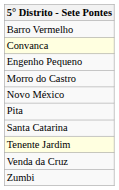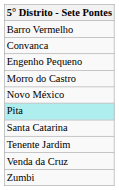 <table class="wikitable">
 <tr>
 <th>5° Distrito - Sete Pontes</th>
 </tr>
 <tr>
 <td>Barro Vermelho</td>
 </tr>
 <tr>
-<td style="background: lightyellow;">Convanca</td>
+<td>Convanca</td>
 </tr>
 <tr>
 <td>Engenho Pequeno</td>
 </tr>
 <tr>
 <td>Morro do Castro</td>
 </tr>
 <tr>
 <td>Novo México</td>
 </tr>
 <tr>
-<td>Pita</td>
+<td style="background: paleturquoise;">Pita</td>
 </tr>
 <tr>
 <td>Santa Catarina</td>
 </tr>
 <tr>
-<td style="background: lightyellow;">Tenente Jardim</td>
+<td>Tenente Jardim</td>
 </tr>
 <tr>
 <td>Venda da Cruz</td>
 </tr>
 <tr>
 <td>Zumbi</td>
 </tr>
 </table>
